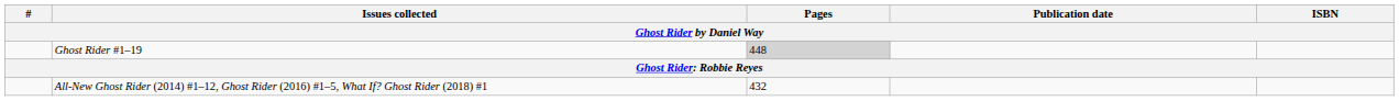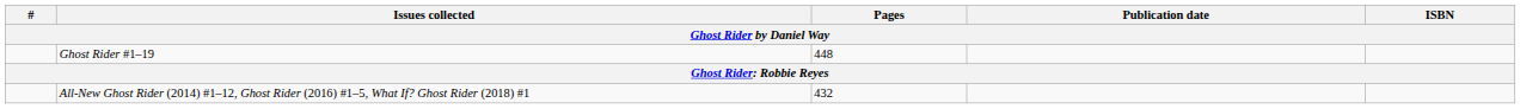 <table class="wikitable sortable" width=98%>
 <tr>
 <th class="unsortable">#</th>
 <th class="unsortable" width="50%">Issues collected</th>
 <th>Pages</th>
 <th>Publication date</th>
 <th class="unsortable">ISBN</th>
 </tr>
 <tr>
 <th colspan="5"><strong><em><a href='#'>Ghost Rider</a> by Daniel Way</em></strong></th>
 </tr>
 <tr>
 <td></td>
 <td><em>Ghost Rider</em> #1–19</td>
-<td style="background: lightgrey;">448</td>
+<td>448</td>
 <td></td>
 <td></td>
 </tr>
 <tr>
 <th colspan="5"><strong><em><a href='#'>Ghost Rider</a>: Robbie Reyes</em></strong></th>
 </tr>
 <tr>
 <td></td>
 <td><em>All-New Ghost Rider</em> (2014) #1–12, <em>Ghost Rider</em> (2016) #1–5, <em>What If? Ghost Rider</em> (2018) #1</td>
 <td>432</td>
 <td></td>
 <td></td>
 </tr>
 </table>
